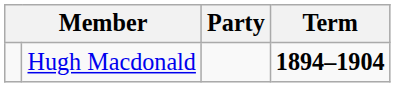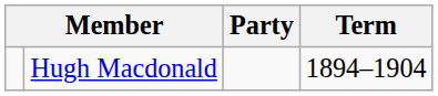 <table class="wikitable">
 <tr>
 <th colspan="2">Member</th>
 <th>Party</th>
 <th>Term</th>
 </tr>
 <tr>
 <td> </td>
 <td><a href='#'>Hugh Macdonald</a></td>
 <td></td>
-<td><strong>1894–1904</strong></td>
+<td>1894–1904</td>
 </tr>
 </table>
